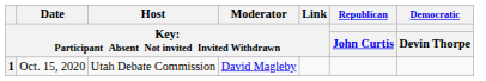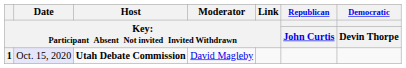 <table class="wikitable" style="text-align:center;">
 <tr>
 <th scope="col"></th>
 <th scope="col">Date</th>
 <th scope="col">Host</th>
 <th scope="col">Moderator</th>
 <th scope="col">Link</th>
 <th scope="col"><small><a href='#'>Republican</a></small></th>
 <th scope="col"><small><a href='#'>Democratic</a></small></th>
 </tr>
 <tr>
 <th colspan="5" rowspan="2">Key:<br> <small>Participant </small>  <small>Absent </small>  <small>Not invited </small>  <small>Invited  Withdrawn</small></th>
 <th scope="col" style="background:"></th>
 <th scope="col" style="background:"></th>
 </tr>
 <tr>
 <th scope="col"><a href='#'>John Curtis</a></th>
 <th scope="col">Devin Thorpe</th>
 </tr>
 <tr>
 <th>1</th>
-<td style="white-space:nowrap;">Oct. 15, 2020</td>
-<td style="white-space:nowrap;">Utah Debate Commission</td>
+<td style="background: lavender; white-space:nowrap;">Oct. 15, 2020</td>
+<td style="white-space:nowrap;"><strong>Utah Debate Commission</strong></td>
 <td style="white-space:nowrap;"><a href='#'>David Magleby</a></td>
 <td style="white-space:nowrap;"></td>
 <td></td>
 <td></td>
 </tr>
 </table>
